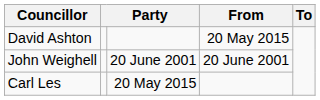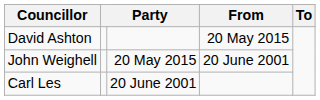 <table class=wikitable>
 <tr>
 <th>Councillor</th>
 <th colspan=2>Party</th>
 <th>From</th>
 <th>To</th>
 </tr>
 <tr>
 <td>David Ashton</td>
 <td></td>
 <td></td>
 <td align=right>20 May 2015</td>
 </tr>
 <tr>
 <td>John Weighell</td>
 <td></td>
-<td align=right>20 June 2001</td>
+<td align=right>20 May 2015</td>
 <td align=right>20 June 2001</td>
 </tr>
 <tr>
 <td>Carl Les</td>
 <td></td>
-<td align=right>20 May 2015</td>
+<td align=right>20 June 2001</td>
 <td align=right></td>
 </tr>
 </table>
